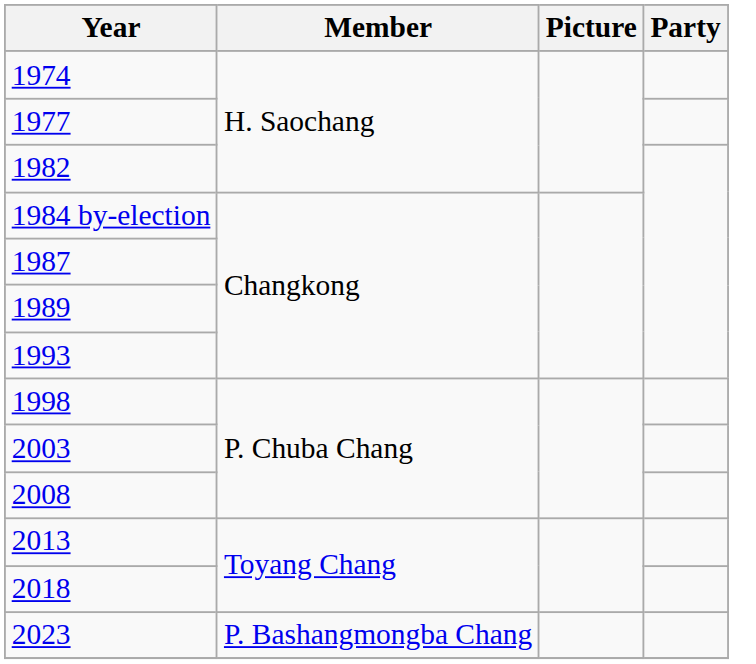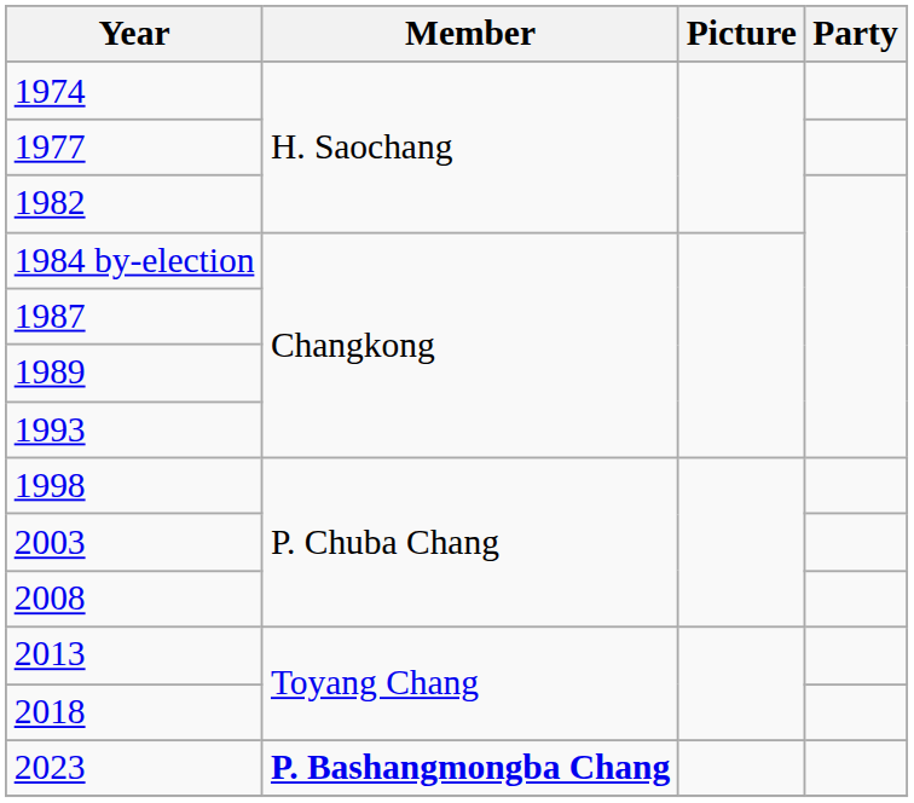 <table class="wikitable sortable">
 <tr>
 <th>Year</th>
 <th>Member</th>
 <th>Picture</th>
 <th colspan="2">Party</th>
 </tr>
 <tr>
 <td><a href='#'>1974</a></td>
 <td rowspan=3>H. Saochang</td>
 <td rowspan=3></td>
 <td></td>
 </tr>
 <tr>
 <td><a href='#'>1977</a></td>
 <td></td>
 </tr>
 <tr>
 <td><a href='#'>1982</a></td>
 </tr>
 <tr>
 <td><a href='#'>1984 by-election</a></td>
 <td rowspan=4>Changkong</td>
 <td rowspan=4></td>
 </tr>
 <tr>
 <td><a href='#'>1987</a></td>
 </tr>
 <tr>
 <td><a href='#'>1989</a></td>
 </tr>
 <tr>
 <td><a href='#'>1993</a></td>
 </tr>
 <tr>
 <td><a href='#'>1998</a></td>
 <td rowspan=3>P. Chuba Chang</td>
 <td rowspan=3></td>
 <td></td>
 </tr>
 <tr>
 <td><a href='#'>2003</a></td>
 </tr>
 <tr>
 <td><a href='#'>2008</a></td>
 <td></td>
 </tr>
 <tr>
 <td><a href='#'>2013</a></td>
 <td rowspan=2><a href='#'>Toyang Chang</a></td>
 <td rowspan=2></td>
 <td></td>
 </tr>
 <tr>
 <td><a href='#'>2018</a></td>
 <td></td>
 </tr>
 <tr>
 <td><a href='#'>2023</a></td>
-<td><a href='#'>P. Bashangmongba Chang</a></td>
+<td><strong><a href='#'>P. Bashangmongba Chang</a></strong></td>
 <td></td>
 <td></td>
 </tr>
 <tr>
 </tr>
 </table>
